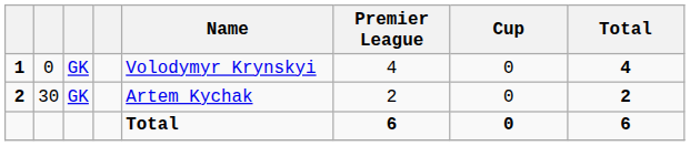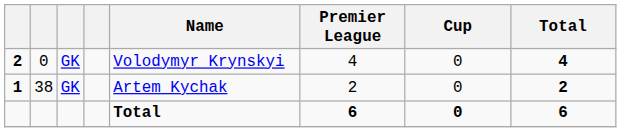 <table class="wikitable" style="text-align:center">
 <tr>
 <th width=15></th>
 <th width=15></th>
 <th width=15></th>
 <th width=15></th>
 <th width=150>Name</th>
 <th width=80><strong>Premier League</strong></th>
 <th width=80><strong>Cup</strong></th>
 <th width=80>Total</th>
 </tr>
 <tr>
-<td><strong>1</strong></td>
+<td><strong>2</strong></td>
 <td>0</td>
 <td><a href='#'>GK</a></td>
 <td></td>
 <td align=left><a href='#'>Volodymyr Krynskyi</a></td>
 <td>4</td>
 <td>0</td>
 <td><strong>4</strong></td>
 </tr>
 <tr>
-<td><strong>2</strong></td>
-<td>30</td>
+<td><strong>1</strong></td>
+<td>38</td>
 <td><a href='#'>GK</a></td>
 <td></td>
 <td align=left><a href='#'>Artem Kychak</a></td>
 <td>2</td>
 <td>0</td>
 <td><strong>2</strong></td>
 </tr>
 <tr>
 <td></td>
 <td></td>
 <td></td>
 <td></td>
 <td align=left><strong>Total</strong></td>
 <td><strong>6</strong></td>
 <td><strong>0</strong></td>
 <td><strong>6</strong></td>
 </tr>
 <tr>
 </tr>
 </table>
